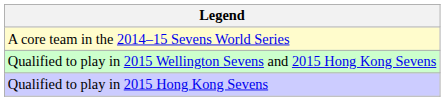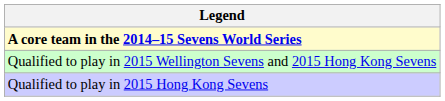 <table class="wikitable">
 <tr>
 <th>Legend</th>
 </tr>
 <tr bgcolor=fffccc>
-<td>A core team in the <a href='#'>2014–15 Sevens World Series</a></td>
+<td><strong>A core team in the <a href='#'>2014–15 Sevens World Series</a></strong></td>
 </tr>
 <tr bgcolor=ccffcc>
 <td>Qualified to play in <a href='#'>2015 Wellington Sevens</a> and <a href='#'>2015 Hong Kong Sevens</a></td>
 </tr>
 <tr bgcolor=ccccff>
 <td>Qualified to play in <a href='#'>2015 Hong Kong Sevens</a></td>
 </tr>
 </table>
